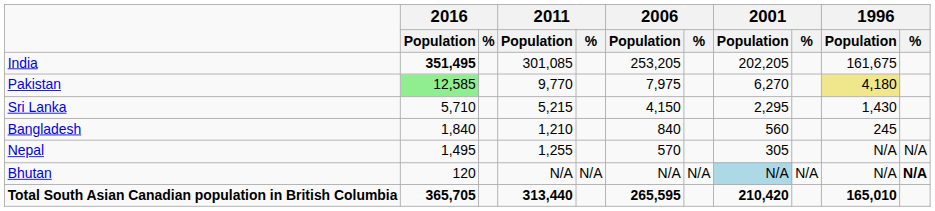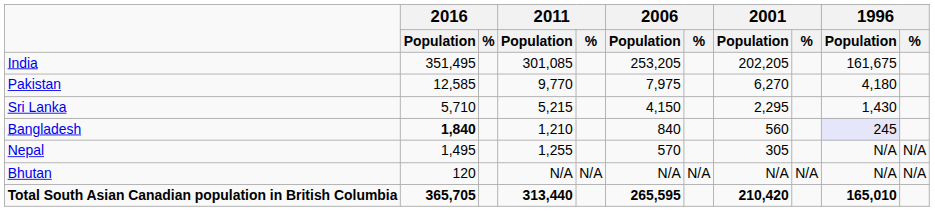 <table class="wikitable" style="text-align:right">
 <tr>
 <td rowspan=2></td>
 <th style="text-align:center;" colspan="2"><big>2016</big></th>
 <th style="text-align:center;" colspan="2"><big>2011</big></th>
 <th style="text-align:center;" colspan="2"><big>2006</big></th>
 <th style="text-align:center;" colspan="2"><big>2001</big></th>
 <th style="text-align:center;" colspan="2"><big>1996</big></th>
 </tr>
 <tr>
 <th>Population</th>
 <th>%</th>
 <th>Population</th>
 <th>%</th>
 <th>Population</th>
 <th>%</th>
 <th>Population</th>
 <th>%</th>
 <th>Population</th>
 <th>%</th>
 </tr>
 <tr>
 <td style="text-align:left"><a href='#'>India</a></td>
-<td><strong>351,495</strong></td>
+<td>351,495</td>
 <td></td>
 <td>301,085</td>
 <td></td>
 <td>253,205</td>
 <td></td>
 <td>202,205</td>
 <td></td>
 <td>161,675</td>
 <td></td>
 </tr>
 <tr>
 <td style="text-align:left"><a href='#'>Pakistan</a></td>
-<td style="background: lightgreen;">12,585</td>
+<td>12,585</td>
 <td></td>
 <td>9,770</td>
 <td></td>
 <td>7,975</td>
 <td></td>
 <td>6,270</td>
 <td></td>
-<td style="background: khaki;">4,180</td>
+<td>4,180</td>
 <td></td>
 </tr>
 <tr>
 <td style="text-align:left"><a href='#'>Sri Lanka</a></td>
 <td>5,710</td>
 <td></td>
 <td>5,215</td>
 <td></td>
 <td>4,150</td>
 <td></td>
 <td>2,295</td>
 <td></td>
 <td>1,430</td>
 <td></td>
 </tr>
 <tr>
 <td style="text-align:left"><a href='#'>Bangladesh</a></td>
-<td>1,840</td>
+<td><strong>1,840</strong></td>
 <td></td>
 <td>1,210</td>
 <td></td>
 <td>840</td>
 <td></td>
 <td>560</td>
 <td></td>
-<td>245</td>
+<td style="background: lavender;">245</td>
 <td></td>
 </tr>
 <tr>
 <td style="text-align:left"><a href='#'>Nepal</a></td>
 <td>1,495</td>
 <td></td>
 <td>1,255</td>
 <td></td>
 <td>570</td>
 <td></td>
 <td>305</td>
 <td></td>
 <td>N/A</td>
 <td>N/A</td>
 </tr>
 <tr>
 <td style="text-align:left"><a href='#'>Bhutan</a></td>
 <td>120</td>
 <td></td>
 <td>N/A</td>
 <td>N/A</td>
 <td>N/A</td>
 <td>N/A</td>
-<td style="background: lightblue;">N/A</td>
 <td>N/A</td>
 <td>N/A</td>
-<td><strong>N/A</strong></td>
+<td>N/A</td>
+<td>N/A</td>
 </tr>
 <tr>
 <td style="text-align:left"><strong>Total South Asian Canadian population in British Columbia</strong></td>
 <td><strong>365,705</strong></td>
 <td><strong></strong></td>
 <td><strong>313,440</strong></td>
 <td><strong></strong></td>
 <td><strong>265,595</strong></td>
 <td><strong></strong></td>
 <td><strong>210,420</strong></td>
 <td><strong></strong></td>
 <td><strong>165,010</strong></td>
 <td><strong></strong></td>
 </tr>
 </table>
